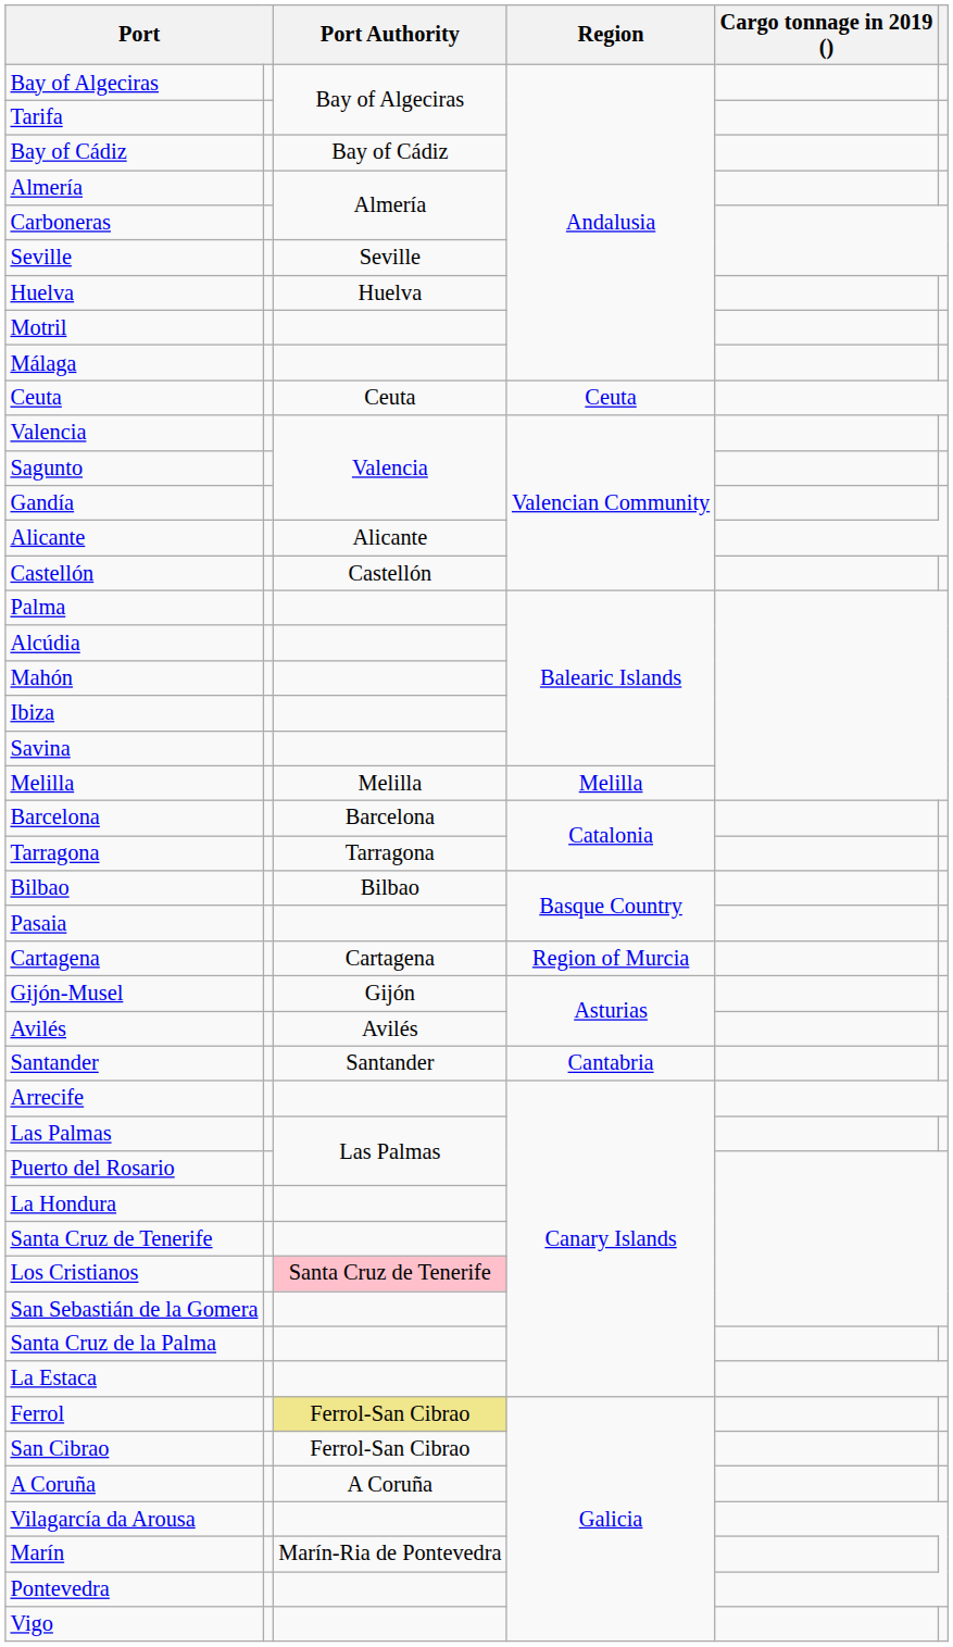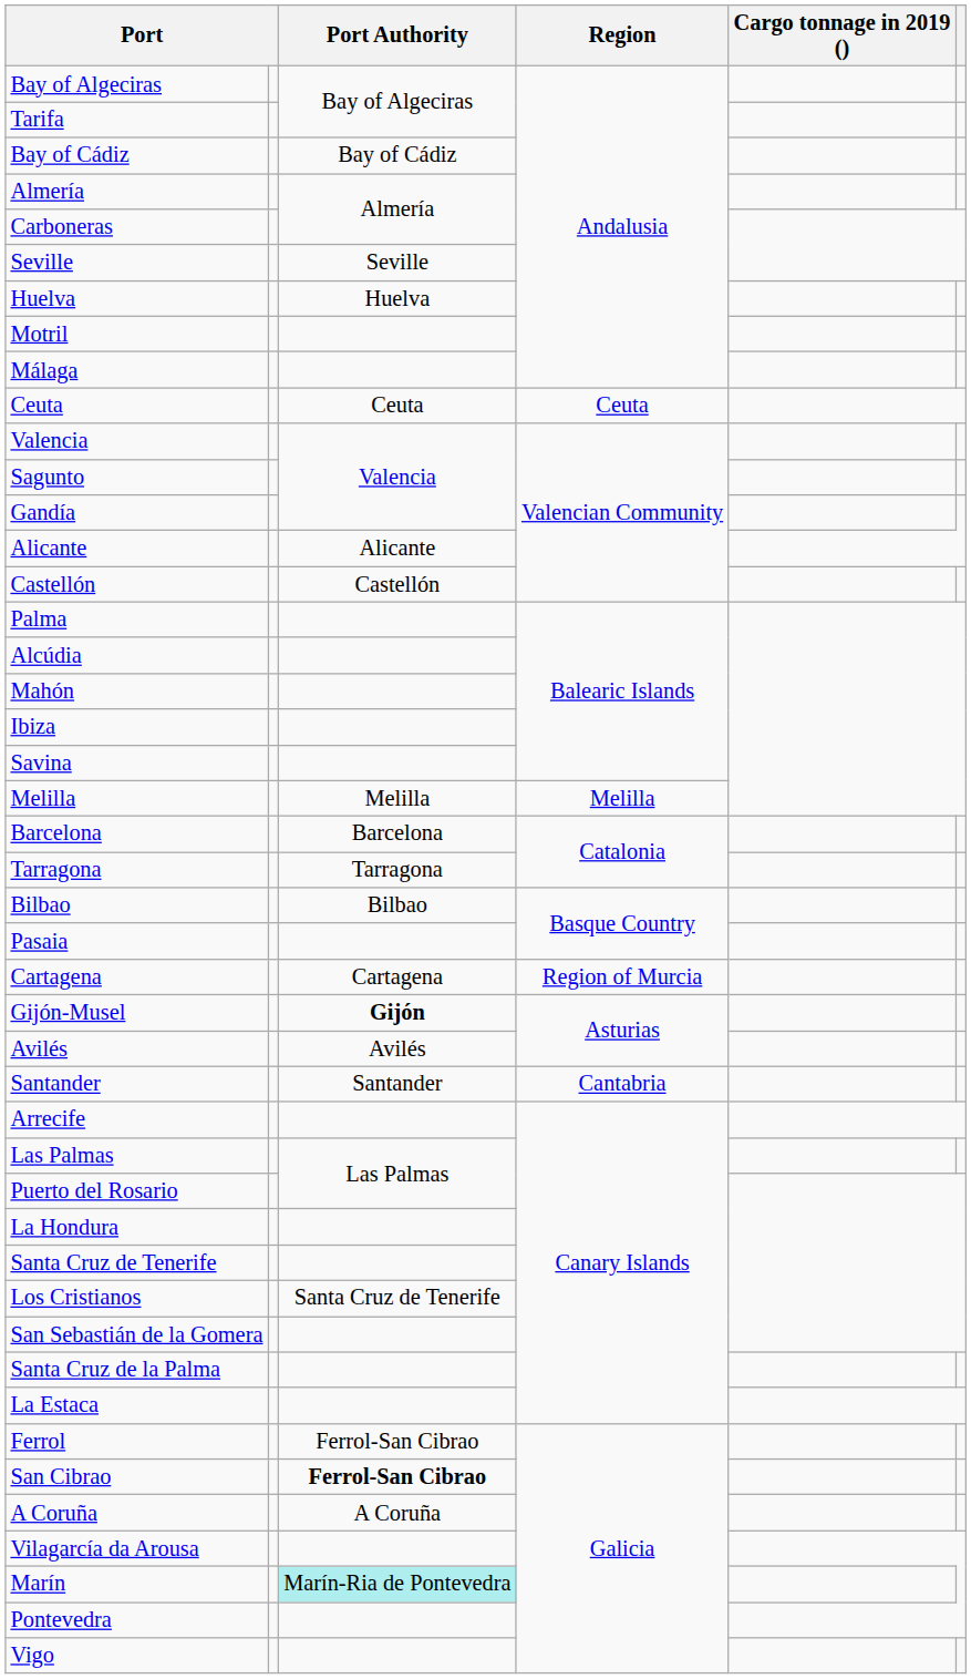 <table class="wikitable sortable" style="margin:1em auto;">
 <tr>
 <th colspan = 2>Port</th>
 <th>Port Authority</th>
 <th>Region</th>
 <th>Cargo tonnage in 2019<br>()</th>
 <th></th>
 </tr>
 <tr>
 <td><a href='#'>Bay of Algeciras</a></td>
 <td></td>
 <td align = center rowspan = 2>Bay of Algeciras</td>
 <td align = center rowspan = 9><a href='#'>Andalusia</a></td>
 <td align="right"></td>
 <td align="center"></td>
 </tr>
 <tr>
 <td><a href='#'>Tarifa</a></td>
 <td></td>
 <td></td>
 <td></td>
 </tr>
 <tr>
 <td><a href='#'>Bay of Cádiz</a></td>
 <td></td>
 <td align = center>Bay of Cádiz</td>
 <td align="right"></td>
 <td align="center"></td>
 </tr>
 <tr>
 <td><a href='#'>Almería</a></td>
 <td></td>
 <td rowspan = 2 align = center>Almería</td>
 <td align="right"></td>
 <td align="center"></td>
 </tr>
 <tr>
 <td><a href='#'>Carboneras</a></td>
 <td></td>
 </tr>
 <tr>
 <td><a href='#'>Seville</a></td>
 <td></td>
 <td align = center>Seville</td>
 </tr>
 <tr>
 <td><a href='#'>Huelva</a></td>
 <td></td>
 <td align="center">Huelva</td>
 <td align="right"></td>
 <td align="center"></td>
 </tr>
 <tr>
 <td><a href='#'>Motril</a></td>
 <td></td>
 <td></td>
 <td align="right"></td>
 <td align="center"></td>
 </tr>
 <tr>
 <td><a href='#'>Málaga</a></td>
 <td></td>
 <td></td>
 <td align="right"></td>
 <td align="center"></td>
 </tr>
 <tr>
 <td><a href='#'>Ceuta</a></td>
 <td></td>
 <td align = center>Ceuta</td>
 <td align = center><a href='#'>Ceuta</a></td>
 </tr>
 <tr>
 <td><a href='#'>Valencia</a></td>
 <td></td>
 <td align = center rowspan = 3><a href='#'>Valencia</a></td>
 <td align = center rowspan = 5><a href='#'>Valencian Community</a></td>
 <td align="right"> </td>
 <td align="center"></td>
 </tr>
 <tr>
 <td><a href='#'>Sagunto</a></td>
 <td></td>
 <td align="right"> </td>
 <td align="center"></td>
 </tr>
 <tr>
 <td><a href='#'>Gandía</a></td>
 <td></td>
 <td></td>
 </tr>
 <tr>
 <td><a href='#'>Alicante</a></td>
 <td></td>
 <td align = center>Alicante</td>
 </tr>
 <tr>
 <td><a href='#'>Castellón</a></td>
 <td></td>
 <td align = center>Castellón</td>
 <td align="right"> </td>
 <td align="center"></td>
 </tr>
 <tr>
 <td><a href='#'>Palma</a></td>
 <td></td>
 <td></td>
 <td rowspan = 5 align = center><a href='#'>Balearic Islands</a></td>
 </tr>
 <tr>
 <td><a href='#'>Alcúdia</a></td>
 <td></td>
 <td></td>
 </tr>
 <tr>
 <td><a href='#'>Mahón</a></td>
 <td></td>
 <td></td>
 </tr>
 <tr>
 <td><a href='#'>Ibiza</a></td>
 <td></td>
 <td></td>
 </tr>
 <tr>
 <td><a href='#'>Savina</a></td>
 <td></td>
 <td></td>
 </tr>
 <tr>
 <td><a href='#'>Melilla</a></td>
 <td></td>
 <td align = center>Melilla</td>
 <td align = center><a href='#'>Melilla</a></td>
 </tr>
 <tr>
 <td><a href='#'>Barcelona</a></td>
 <td></td>
 <td align = center>Barcelona</td>
 <td rowspan = 2 align = center><a href='#'>Catalonia</a></td>
 <td align="right"></td>
 <td align="center"></td>
 </tr>
 <tr>
 <td><a href='#'>Tarragona</a></td>
 <td></td>
 <td align = center>Tarragona</td>
 <td align="right"></td>
 <td align="center"></td>
 </tr>
 <tr>
 <td><a href='#'>Bilbao</a></td>
 <td></td>
 <td align="center">Bilbao</td>
 <td rowspan = 2 align = center><a href='#'>Basque Country</a></td>
 <td align="right"></td>
 <td align="center"></td>
 </tr>
 <tr>
 <td><a href='#'>Pasaia</a></td>
 <td></td>
 <td></td>
 <td align="right"></td>
 <td align="center"></td>
 </tr>
 <tr>
 <td><a href='#'>Cartagena</a></td>
 <td></td>
 <td align = center>Cartagena</td>
 <td align = center><a href='#'>Region of Murcia</a></td>
 <td align="right"></td>
 <td align="center"></td>
 </tr>
 <tr>
 <td><a href='#'>Gijón-Musel</a></td>
 <td></td>
-<td align="center">Gijón</td>
+<td align="center"><strong>Gijón</strong></td>
 <td rowspan = 2 align = center><a href='#'>Asturias</a></td>
 <td align="right"> </td>
 <td align="center"></td>
 </tr>
 <tr>
 <td><a href='#'>Avilés</a></td>
 <td></td>
 <td align="center">Avilés</td>
 <td align="right"> </td>
 <td align="center"></td>
 </tr>
 <tr>
 <td><a href='#'>Santander</a></td>
 <td></td>
 <td align="center">Santander</td>
 <td align = center><a href='#'>Cantabria</a></td>
 <td align="right"> </td>
 <td align="center"></td>
 </tr>
 <tr>
 <td><a href='#'>Arrecife</a></td>
 <td></td>
 <td></td>
 <td rowspan = 9 align = center><a href='#'>Canary Islands</a></td>
 </tr>
 <tr>
 <td><a href='#'>Las Palmas</a></td>
 <td></td>
 <td rowspan = 2 align = center>Las Palmas</td>
 <td align="right"></td>
 <td align="center"></td>
 </tr>
 <tr>
 <td><a href='#'>Puerto del Rosario</a></td>
 <td></td>
 </tr>
 <tr>
 <td><a href='#'>La Hondura</a></td>
 <td></td>
 <td></td>
 </tr>
 <tr>
 <td><a href='#'>Santa Cruz de Tenerife</a></td>
 <td></td>
 <td></td>
 </tr>
 <tr>
 <td><a href='#'>Los Cristianos</a></td>
 <td></td>
-<td align = center style="background: pink;">Santa Cruz de Tenerife</td>
+<td align = center>Santa Cruz de Tenerife</td>
 </tr>
 <tr>
 <td><a href='#'>San Sebastián de la Gomera</a></td>
 <td></td>
 <td></td>
 </tr>
 <tr>
 <td><a href='#'>Santa Cruz de la Palma</a></td>
 <td></td>
 <td></td>
 <td align="right"> </td>
 <td align="center"></td>
 </tr>
 <tr>
 <td><a href='#'>La Estaca</a></td>
 <td></td>
 <td></td>
 </tr>
 <tr>
 <td><a href='#'>Ferrol</a></td>
 <td></td>
-<td align="center" style="background: khaki;">Ferrol-San Cibrao</td>
+<td align="center">Ferrol-San Cibrao</td>
 <td rowspan = 7 align = center><a href='#'>Galicia</a></td>
 <td align="right"></td>
 <td align="center"></td>
 </tr>
 <tr>
 <td><a href='#'>San Cibrao</a></td>
 <td></td>
-<td align="center">Ferrol-San Cibrao</td>
+<td align="center"><strong>Ferrol-San Cibrao</strong></td>
 <td></td>
 </tr>
 <tr>
 <td><a href='#'>A Coruña</a></td>
 <td></td>
 <td align="center">A Coruña</td>
 <td align="right"></td>
 <td align="center"></td>
 </tr>
 <tr>
 <td><a href='#'>Vilagarcía da Arousa</a></td>
 <td></td>
 <td></td>
 </tr>
 <tr>
 <td><a href='#'>Marín</a></td>
 <td></td>
-<td align="center">Marín-Ria de Pontevedra</td>
+<td align="center" style="background: paleturquoise;">Marín-Ria de Pontevedra</td>
 <td></td>
 </tr>
 <tr>
 <td><a href='#'>Pontevedra</a></td>
 <td></td>
 <td></td>
 </tr>
 <tr>
 <td><a href='#'>Vigo</a></td>
 <td></td>
 <td></td>
 <td align="right"> </td>
 <td align="center"></td>
 </tr>
 </table>
